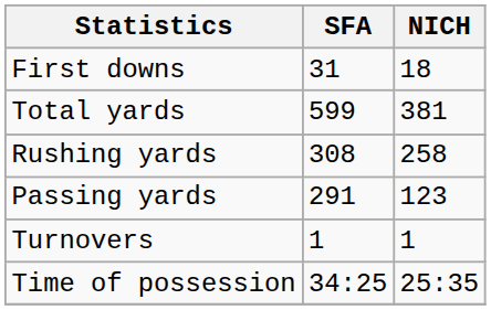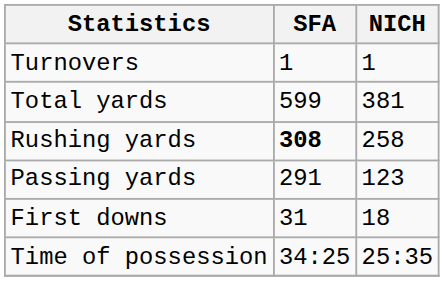 <table class="wikitable">
 <tr>
 <th>Statistics</th>
 <th>SFA</th>
 <th>NICH</th>
 </tr>
 <tr>
-<td>First downs</td>
-<td>31</td>
-<td>18</td>
+<td>Turnovers</td>
+<td>1</td>
+<td>1</td>
 </tr>
 <tr>
 <td>Total yards</td>
 <td>599</td>
 <td>381</td>
 </tr>
 <tr>
 <td>Rushing yards</td>
-<td>308</td>
+<td><strong>308</strong></td>
 <td>258</td>
 </tr>
 <tr>
 <td>Passing yards</td>
 <td>291</td>
 <td>123</td>
 </tr>
 <tr>
-<td>Turnovers</td>
-<td>1</td>
-<td>1</td>
+<td>First downs</td>
+<td>31</td>
+<td>18</td>
 </tr>
 <tr>
 <td>Time of possession</td>
 <td>34:25</td>
 <td>25:35</td>
 </tr>
 <tr>
 </tr>
 </table>
